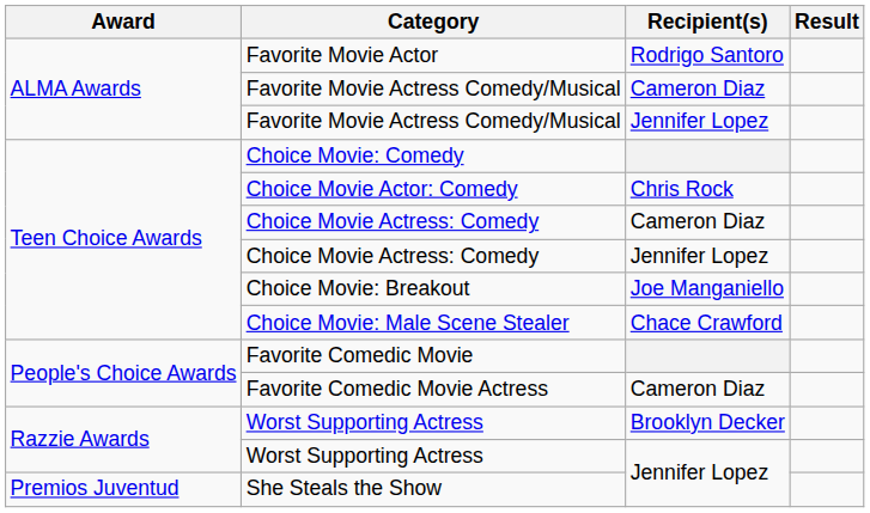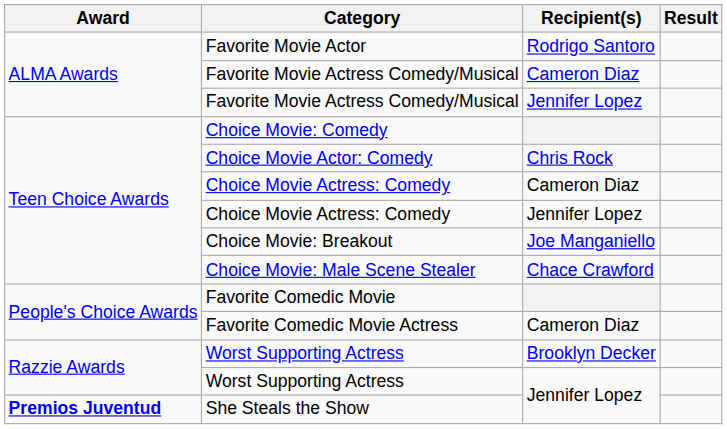 <table class="wikitable">
 <tr>
 <th>Award</th>
 <th>Category</th>
 <th>Recipient(s)</th>
 <th>Result</th>
 </tr>
 <tr>
 <td rowspan="3"><a href='#'>ALMA Awards</a></td>
 <td>Favorite Movie Actor</td>
 <td><a href='#'>Rodrigo Santoro</a></td>
 <td></td>
 </tr>
 <tr>
 <td>Favorite Movie Actress Comedy/Musical</td>
 <td><a href='#'>Cameron Diaz</a></td>
 <td></td>
 </tr>
 <tr>
 <td>Favorite Movie Actress Comedy/Musical</td>
 <td><a href='#'>Jennifer Lopez</a></td>
 <td></td>
 </tr>
 <tr>
 <td rowspan="6"><a href='#'>Teen Choice Awards</a></td>
 <td><a href='#'>Choice Movie: Comedy</a></td>
 <th></th>
 <td></td>
 </tr>
 <tr>
 <td><a href='#'>Choice Movie Actor: Comedy</a></td>
 <td><a href='#'>Chris Rock</a></td>
 <td></td>
 </tr>
 <tr>
 <td><a href='#'>Choice Movie Actress: Comedy</a></td>
 <td>Cameron Diaz</td>
 <td></td>
 </tr>
 <tr>
 <td>Choice Movie Actress: Comedy</td>
 <td>Jennifer Lopez</td>
 <td></td>
 </tr>
 <tr>
 <td>Choice Movie: Breakout</td>
 <td><a href='#'>Joe Manganiello</a></td>
 <td></td>
 </tr>
 <tr>
 <td><a href='#'>Choice Movie: Male Scene Stealer</a></td>
 <td><a href='#'>Chace Crawford</a></td>
 <td></td>
 </tr>
 <tr>
 <td rowspan="2"><a href='#'>People's Choice Awards</a></td>
 <td>Favorite Comedic Movie</td>
 <th></th>
 <td></td>
 </tr>
 <tr>
 <td>Favorite Comedic Movie Actress</td>
 <td>Cameron Diaz</td>
 <td></td>
 </tr>
 <tr>
 <td rowspan="2"><a href='#'>Razzie Awards</a></td>
 <td><a href='#'>Worst Supporting Actress</a></td>
 <td><a href='#'>Brooklyn Decker</a></td>
 <td></td>
 </tr>
 <tr>
 <td>Worst Supporting Actress</td>
 <td rowspan="2">Jennifer Lopez</td>
 <td></td>
 </tr>
 <tr>
-<td><a href='#'>Premios Juventud</a></td>
+<td><strong><a href='#'>Premios Juventud</a></strong></td>
 <td>She Steals the Show</td>
 <td></td>
 </tr>
 </table>
